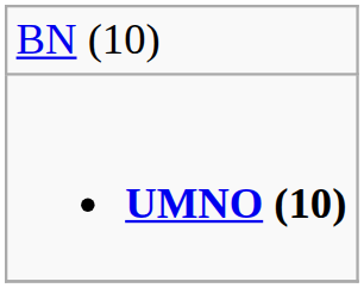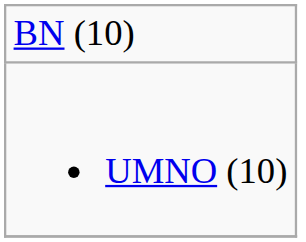 <table class="wikitable">
 <tr>
 <td> <a href='#'>BN</a> (10)</td>
 </tr>
 <tr>
-<td><strong><br><ul><li> <a href='#'>UMNO</a> (10)</li></ul></strong></td>
+<td><br><ul><li> <a href='#'>UMNO</a> (10)</li></ul></td>
 </tr>
 <tr>
 </tr>
 </table>
